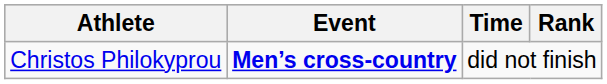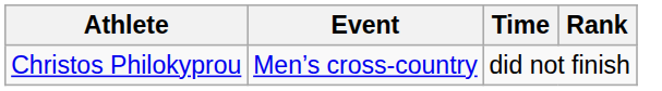 <table class=wikitable style="font-size:90%;">
 <tr>
 <th>Athlete</th>
 <th>Event</th>
 <th>Time</th>
 <th>Rank</th>
 </tr>
 <tr align=center>
 <td align=left><a href='#'>Christos Philokyprou</a></td>
-<td align=left rowspan=1><strong><a href='#'>Men’s cross-country</a></strong></td>
+<td align=left rowspan=1><a href='#'>Men’s cross-country</a></td>
 <td colspan=2>did not finish</td>
 </tr>
 </table>
